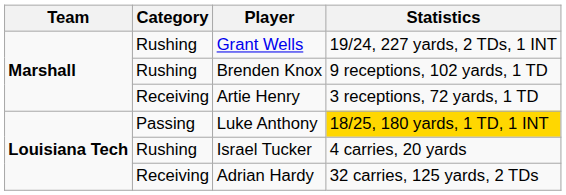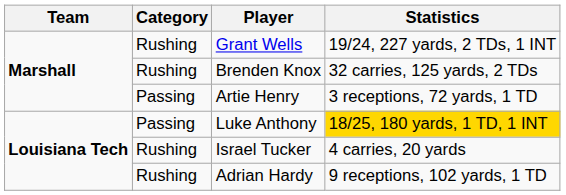 <table class="wikitable" style="float: left;">
 <tr>
 <th>Team</th>
 <th>Category</th>
 <th>Player</th>
 <th>Statistics</th>
 </tr>
 <tr>
 <td rowspan=3><strong>Marshall</strong></td>
 <td>Rushing</td>
 <td><a href='#'>Grant Wells</a></td>
 <td>19/24, 227 yards, 2 TDs, 1 INT</td>
 </tr>
 <tr>
 <td>Rushing</td>
 <td>Brenden Knox</td>
-<td>9 receptions, 102 yards, 1 TD</td>
+<td>32 carries, 125 yards, 2 TDs</td>
 </tr>
 <tr>
-<td>Receiving</td>
+<td>Passing</td>
 <td>Artie Henry</td>
 <td>3 receptions, 72 yards, 1 TD</td>
 </tr>
 <tr>
 <td rowspan=3><strong>Louisiana Tech</strong></td>
 <td>Passing</td>
 <td>Luke Anthony</td>
 <td style="background: gold;">18/25, 180 yards, 1 TD, 1 INT</td>
 </tr>
 <tr>
 <td>Rushing</td>
 <td>Israel Tucker</td>
 <td>4 carries, 20 yards</td>
 </tr>
 <tr>
-<td>Receiving</td>
+<td>Rushing</td>
 <td>Adrian Hardy</td>
-<td>32 carries, 125 yards, 2 TDs</td>
+<td>9 receptions, 102 yards, 1 TD</td>
 </tr>
 </table>
